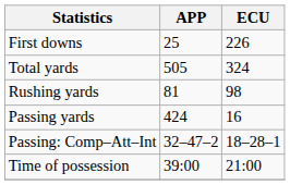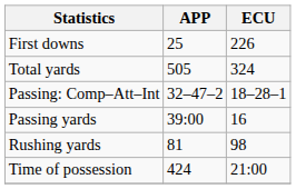 <table class="wikitable" style="float: left;">
 <tr>
 <th>Statistics</th>
 <th>APP</th>
 <th>ECU</th>
 </tr>
 <tr>
 <td>First downs</td>
 <td>25</td>
 <td>226</td>
 </tr>
 <tr>
 <td>Total yards</td>
 <td>505</td>
 <td>324</td>
 </tr>
 <tr>
+<td>Passing: Comp–Att–Int</td>
+<td>32–47–2</td>
+<td>18–28–1</td>
+</tr>
+<tr>
+<td>Passing yards</td>
+<td>39:00</td>
+<td>16</td>
+</tr>
+<tr>
 <td>Rushing yards</td>
 <td>81</td>
 <td>98</td>
 </tr>
 <tr>
-<td>Passing yards</td>
+<td>Time of possession</td>
 <td>424</td>
-<td>16</td>
-</tr>
-<tr>
-<td>Passing: Comp–Att–Int</td>
-<td>32–47–2</td>
-<td>18–28–1</td>
-</tr>
-<tr>
-<td>Time of possession</td>
-<td>39:00</td>
 <td>21:00</td>
 </tr>
 <tr>
 </tr>
 </table>
